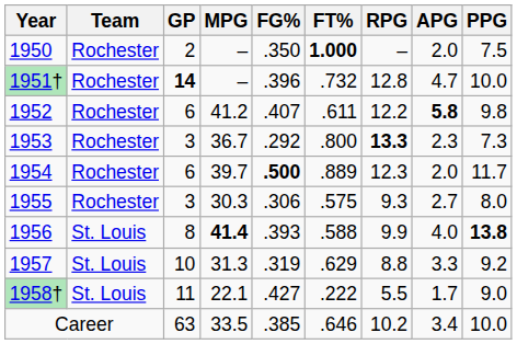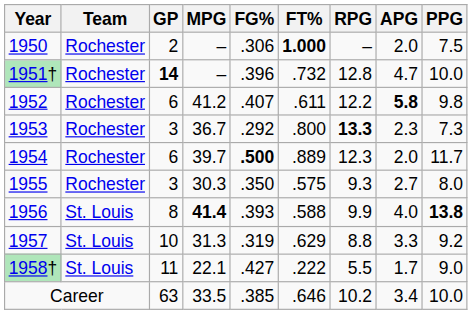 <table class="wikitable sortable" style="font-size:95%; text-align:right;">
 <tr>
 <th>Year</th>
 <th>Team</th>
 <th>GP</th>
 <th>MPG</th>
 <th>FG%</th>
 <th>FT%</th>
 <th>RPG</th>
 <th>APG</th>
 <th>PPG</th>
 </tr>
 <tr>
 <td style="text-align:left;"><a href='#'>1950</a></td>
 <td style="text-align:left;"><a href='#'>Rochester</a></td>
 <td>2</td>
 <td>–</td>
-<td>.350</td>
+<td>.306</td>
 <td><strong>1.000</strong></td>
 <td>–</td>
 <td>2.0</td>
 <td>7.5</td>
 </tr>
 <tr>
 <td style="text-align:left;background:#afe6ba;"><a href='#'>1951</a>†</td>
 <td style="text-align:left;"><a href='#'>Rochester</a></td>
 <td><strong>14</strong></td>
 <td>–</td>
 <td>.396</td>
 <td>.732</td>
 <td>12.8</td>
 <td>4.7</td>
 <td>10.0</td>
 </tr>
 <tr>
 <td style="text-align:left;"><a href='#'>1952</a></td>
 <td style="text-align:left;"><a href='#'>Rochester</a></td>
 <td>6</td>
 <td>41.2</td>
 <td>.407</td>
 <td>.611</td>
 <td>12.2</td>
 <td><strong>5.8</strong></td>
 <td>9.8</td>
 </tr>
 <tr>
 <td style="text-align:left;"><a href='#'>1953</a></td>
 <td style="text-align:left;"><a href='#'>Rochester</a></td>
 <td>3</td>
 <td>36.7</td>
 <td>.292</td>
 <td>.800</td>
 <td><strong>13.3</strong></td>
 <td>2.3</td>
 <td>7.3</td>
 </tr>
 <tr>
 <td style="text-align:left;"><a href='#'>1954</a></td>
 <td style="text-align:left;"><a href='#'>Rochester</a></td>
 <td>6</td>
 <td>39.7</td>
 <td><strong>.500</strong></td>
 <td>.889</td>
 <td>12.3</td>
 <td>2.0</td>
 <td>11.7</td>
 </tr>
 <tr>
 <td style="text-align:left;"><a href='#'>1955</a></td>
 <td style="text-align:left;"><a href='#'>Rochester</a></td>
 <td>3</td>
 <td>30.3</td>
-<td>.306</td>
+<td>.350</td>
 <td>.575</td>
 <td>9.3</td>
 <td>2.7</td>
 <td>8.0</td>
 </tr>
 <tr>
 <td style="text-align:left;"><a href='#'>1956</a></td>
 <td style="text-align:left;"><a href='#'>St. Louis</a></td>
 <td>8</td>
 <td><strong>41.4</strong></td>
 <td>.393</td>
 <td>.588</td>
 <td>9.9</td>
 <td>4.0</td>
 <td><strong>13.8</strong></td>
 </tr>
 <tr>
 <td style="text-align:left;"><a href='#'>1957</a></td>
 <td style="text-align:left;"><a href='#'>St. Louis</a></td>
 <td>10</td>
 <td>31.3</td>
 <td>.319</td>
 <td>.629</td>
 <td>8.8</td>
 <td>3.3</td>
 <td>9.2</td>
 </tr>
 <tr>
 <td style="text-align:left;background:#afe6ba;"><a href='#'>1958</a>†</td>
 <td style="text-align:left;"><a href='#'>St. Louis</a></td>
 <td>11</td>
 <td>22.1</td>
 <td>.427</td>
 <td>.222</td>
 <td>5.5</td>
 <td>1.7</td>
 <td>9.0</td>
 </tr>
 <tr class="sortbottom">
 <td colspan="2" style="text-align:center;">Career</td>
 <td>63</td>
 <td>33.5</td>
 <td>.385</td>
 <td>.646</td>
 <td>10.2</td>
 <td>3.4</td>
 <td>10.0</td>
 </tr>
 </table>
